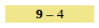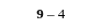 <table style="text-align:center">
 <tr>
 <th width=200></th>
 <th width=100></th>
 <th width=200></th>
 </tr>
 <tr>
 <td align=right><strong></strong></td>
-<td style="background: khaki;"><strong>9</strong> – 4</td>
+<td><strong>9</strong> – 4</td>
 <td align=left></td>
 </tr>
 </table>
